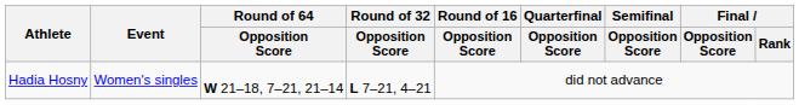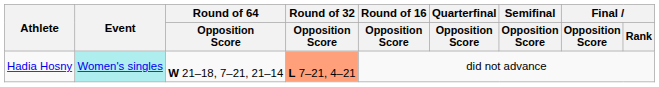 <table class=wikitable style="font-size:90%">
 <tr>
 <th rowspan="2">Athlete</th>
 <th rowspan="2">Event</th>
 <th>Round of 64</th>
 <th>Round of 32</th>
 <th>Round of 16</th>
 <th>Quarterfinal</th>
 <th>Semifinal</th>
 <th colspan=2>Final / </th>
 </tr>
 <tr style="font-size:95%">
 <th>Opposition<br>Score</th>
 <th>Opposition<br>Score</th>
 <th>Opposition<br>Score</th>
 <th>Opposition<br>Score</th>
 <th>Opposition<br>Score</th>
 <th>Opposition<br>Score</th>
 <th>Rank</th>
 </tr>
 <tr align=center>
 <td align=left><a href='#'>Hadia Hosny</a></td>
-<td align=left><a href='#'>Women's singles</a></td>
+<td align=left style="background: paleturquoise;"><a href='#'>Women's singles</a></td>
 <td><br><strong>W</strong> 21–18, 7–21, 21–14</td>
-<td><br><strong>L</strong> 7–21, 4–21</td>
+<td style="background: lightsalmon;"><br><strong>L</strong> 7–21, 4–21</td>
 <td colspan=5>did not advance</td>
 </tr>
 </table>
